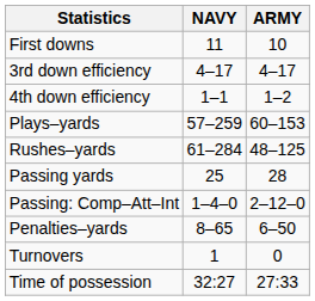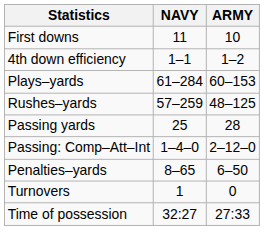 <table class="wikitable">
 <tr>
 <th>Statistics</th>
 <th>NAVY</th>
 <th>ARMY</th>
 </tr>
 <tr>
 <td>First downs</td>
 <td align=center>11</td>
 <td align=center>10</td>
 </tr>
 <tr>
-<td>3rd down efficiency</td>
-<td align=center>4–17</td>
-<td align=center>4–17</td>
-</tr>
-<tr>
 <td>4th down efficiency</td>
 <td align=center>1–1</td>
 <td align=center>1–2</td>
 </tr>
 <tr>
 <td>Plays–yards</td>
-<td align=center>57–259</td>
+<td align=center>61–284</td>
 <td align=center>60–153</td>
 </tr>
 <tr>
 <td>Rushes–yards</td>
-<td align=center>61–284</td>
+<td align=center>57–259</td>
 <td align=center>48–125</td>
 </tr>
 <tr>
 <td>Passing yards</td>
 <td align=center>25</td>
 <td align=center>28</td>
 </tr>
 <tr>
 <td>Passing: Comp–Att–Int</td>
 <td align=center>1–4–0</td>
 <td align=center>2–12–0</td>
 </tr>
 <tr>
 <td>Penalties–yards</td>
 <td align=center>8–65</td>
 <td align=center>6–50</td>
 </tr>
 <tr>
 <td>Turnovers</td>
 <td align=center>1</td>
 <td align=center>0</td>
 </tr>
 <tr>
 <td>Time of possession</td>
 <td align=center>32:27</td>
 <td align=center>27:33</td>
 </tr>
 </table>
